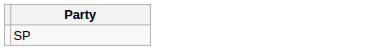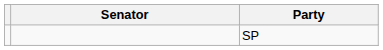 <table class="sortable wikitable" style="text-align:left; font-size:90%;">
 <tr>
 <th></th>
+<th width="250">Senator</th>
 <th width="150">Party</th>
 </tr>
 <tr>
 <td></td>
+<td></td>
 <td>SP</td>
 </tr>
 </table>
